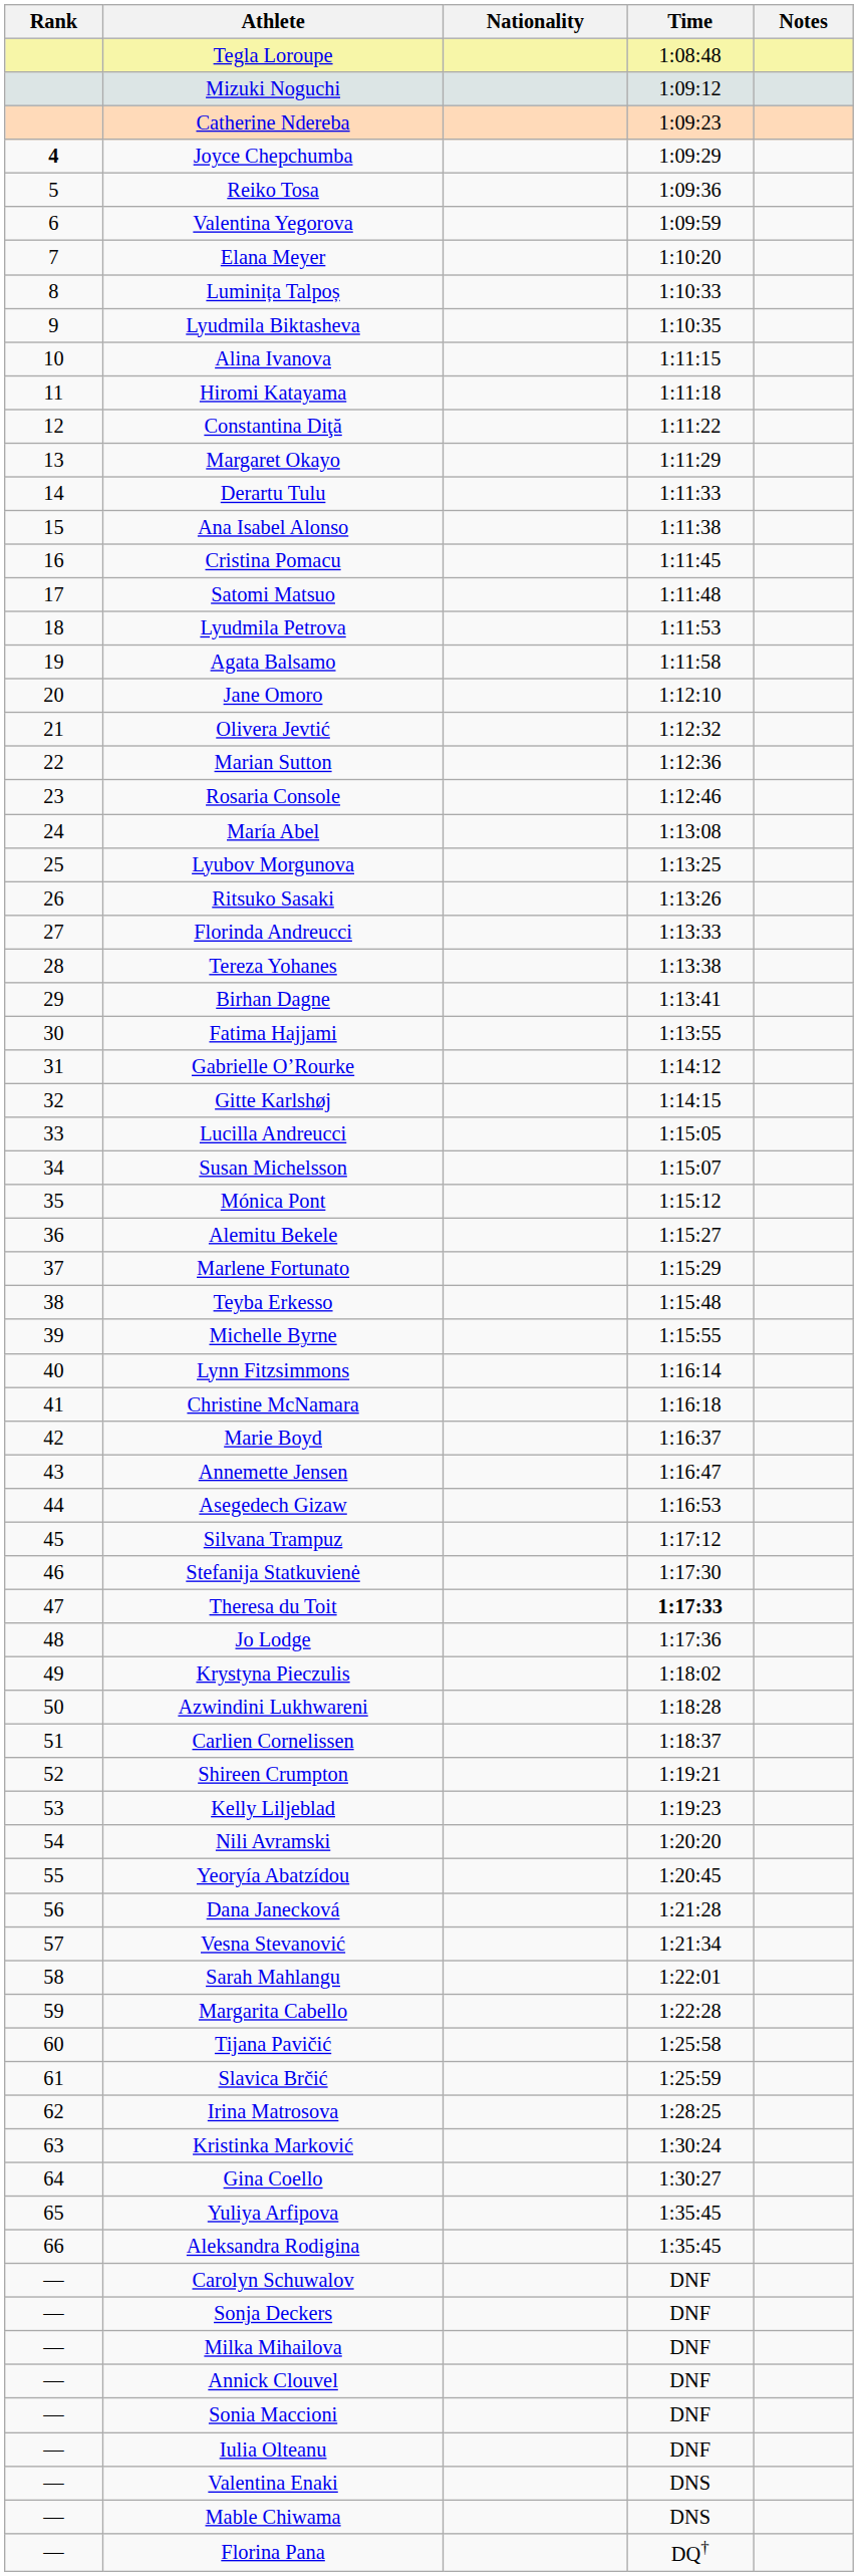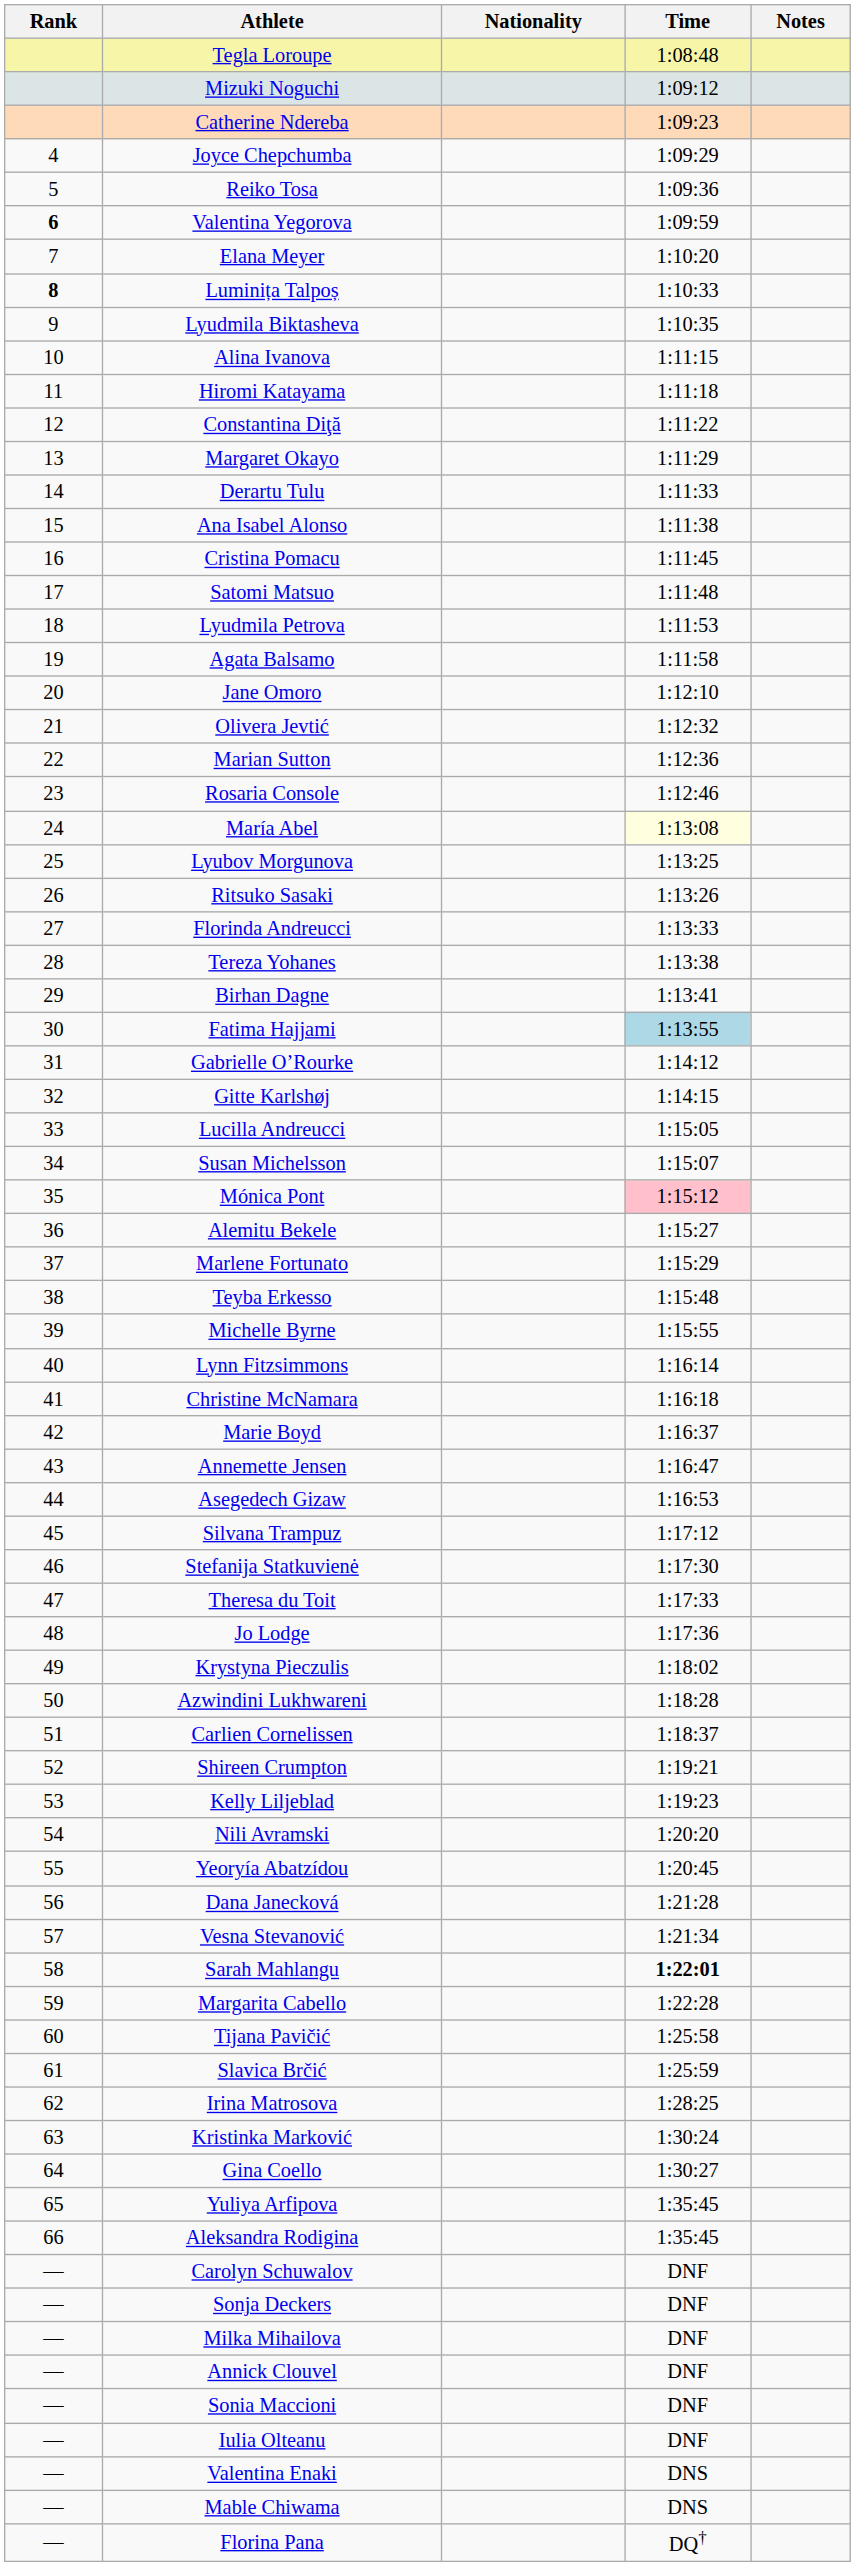 <table class="wikitable sortable" style=" text-align:center; font-size:95%;" width="50%">
 <tr>
 <th>Rank</th>
 <th>Athlete</th>
 <th>Nationality</th>
 <th>Time</th>
 <th>Notes</th>
 </tr>
 <tr bgcolor="#F7F6A8">
 <td align=center></td>
 <td><a href='#'>Tegla Loroupe</a></td>
 <td></td>
 <td>1:08:48</td>
 <td></td>
 </tr>
 <tr bgcolor="#DCE5E5">
 <td align=center></td>
 <td><a href='#'>Mizuki Noguchi</a></td>
 <td></td>
 <td>1:09:12</td>
 <td></td>
 </tr>
 <tr bgcolor="#FFDAB9">
 <td align=center></td>
 <td><a href='#'>Catherine Ndereba</a></td>
 <td></td>
 <td>1:09:23</td>
 <td></td>
 </tr>
 <tr>
-<td align=center><strong>4</strong></td>
+<td align=center>4</td>
 <td><a href='#'>Joyce Chepchumba</a></td>
 <td></td>
 <td>1:09:29</td>
 <td></td>
 </tr>
 <tr>
 <td align=center>5</td>
 <td><a href='#'>Reiko Tosa</a></td>
 <td></td>
 <td>1:09:36</td>
 <td></td>
 </tr>
 <tr>
-<td align=center>6</td>
+<td align=center><strong>6</strong></td>
 <td><a href='#'>Valentina Yegorova</a></td>
 <td></td>
 <td>1:09:59</td>
 <td></td>
 </tr>
 <tr>
 <td align=center>7</td>
 <td><a href='#'>Elana Meyer</a></td>
 <td></td>
 <td>1:10:20</td>
 <td></td>
 </tr>
 <tr>
-<td align=center>8</td>
+<td align=center><strong>8</strong></td>
 <td><a href='#'>Luminița Talpoș</a></td>
 <td></td>
 <td>1:10:33</td>
 <td></td>
 </tr>
 <tr>
 <td align=center>9</td>
 <td><a href='#'>Lyudmila Biktasheva</a></td>
 <td></td>
 <td>1:10:35</td>
 <td></td>
 </tr>
 <tr>
 <td align=center>10</td>
 <td><a href='#'>Alina Ivanova</a></td>
 <td></td>
 <td>1:11:15</td>
 <td></td>
 </tr>
 <tr>
 <td align=center>11</td>
 <td><a href='#'>Hiromi Katayama</a></td>
 <td></td>
 <td>1:11:18</td>
 <td></td>
 </tr>
 <tr>
 <td align=center>12</td>
 <td><a href='#'>Constantina Diţă</a></td>
 <td></td>
 <td>1:11:22</td>
 <td></td>
 </tr>
 <tr>
 <td align=center>13</td>
 <td><a href='#'>Margaret Okayo</a></td>
 <td></td>
 <td>1:11:29</td>
 <td></td>
 </tr>
 <tr>
 <td align=center>14</td>
 <td><a href='#'>Derartu Tulu</a></td>
 <td></td>
 <td>1:11:33</td>
 <td></td>
 </tr>
 <tr>
 <td align=center>15</td>
 <td><a href='#'>Ana Isabel Alonso</a></td>
 <td></td>
 <td>1:11:38</td>
 <td></td>
 </tr>
 <tr>
 <td align=center>16</td>
 <td><a href='#'>Cristina Pomacu</a></td>
 <td></td>
 <td>1:11:45</td>
 <td></td>
 </tr>
 <tr>
 <td align=center>17</td>
 <td><a href='#'>Satomi Matsuo</a></td>
 <td></td>
 <td>1:11:48</td>
 <td></td>
 </tr>
 <tr>
 <td align=center>18</td>
 <td><a href='#'>Lyudmila Petrova</a></td>
 <td></td>
 <td>1:11:53</td>
 <td></td>
 </tr>
 <tr>
 <td align=center>19</td>
 <td><a href='#'>Agata Balsamo</a></td>
 <td></td>
 <td>1:11:58</td>
 <td></td>
 </tr>
 <tr>
 <td align=center>20</td>
 <td><a href='#'>Jane Omoro</a></td>
 <td></td>
 <td>1:12:10</td>
 <td></td>
 </tr>
 <tr>
 <td align=center>21</td>
 <td><a href='#'>Olivera Jevtić</a></td>
 <td></td>
 <td>1:12:32</td>
 <td></td>
 </tr>
 <tr>
 <td align=center>22</td>
 <td><a href='#'>Marian Sutton</a></td>
 <td></td>
 <td>1:12:36</td>
 <td></td>
 </tr>
 <tr>
 <td align=center>23</td>
 <td><a href='#'>Rosaria Console</a></td>
 <td></td>
 <td>1:12:46</td>
 <td></td>
 </tr>
 <tr>
 <td align=center>24</td>
 <td><a href='#'>María Abel</a></td>
 <td></td>
-<td>1:13:08</td>
+<td style="background: lightyellow;">1:13:08</td>
 <td></td>
 </tr>
 <tr>
 <td align=center>25</td>
 <td><a href='#'>Lyubov Morgunova</a></td>
 <td></td>
 <td>1:13:25</td>
 <td></td>
 </tr>
 <tr>
 <td align=center>26</td>
 <td><a href='#'>Ritsuko Sasaki</a></td>
 <td></td>
 <td>1:13:26</td>
 <td></td>
 </tr>
 <tr>
 <td align=center>27</td>
 <td><a href='#'>Florinda Andreucci</a></td>
 <td></td>
 <td>1:13:33</td>
 <td></td>
 </tr>
 <tr>
 <td align=center>28</td>
 <td><a href='#'>Tereza Yohanes</a></td>
 <td></td>
 <td>1:13:38</td>
 <td></td>
 </tr>
 <tr>
 <td align=center>29</td>
 <td><a href='#'>Birhan Dagne</a></td>
 <td></td>
 <td>1:13:41</td>
 <td></td>
 </tr>
 <tr>
 <td align=center>30</td>
 <td><a href='#'>Fatima Hajjami</a></td>
 <td></td>
-<td>1:13:55</td>
+<td style="background: lightblue;">1:13:55</td>
 <td></td>
 </tr>
 <tr>
 <td align=center>31</td>
 <td><a href='#'>Gabrielle OʼRourke</a></td>
 <td></td>
 <td>1:14:12</td>
 <td></td>
 </tr>
 <tr>
 <td align=center>32</td>
 <td><a href='#'>Gitte Karlshøj</a></td>
 <td></td>
 <td>1:14:15</td>
 <td></td>
 </tr>
 <tr>
 <td align=center>33</td>
 <td><a href='#'>Lucilla Andreucci</a></td>
 <td></td>
 <td>1:15:05</td>
 <td></td>
 </tr>
 <tr>
 <td align=center>34</td>
 <td><a href='#'>Susan Michelsson</a></td>
 <td></td>
 <td>1:15:07</td>
 <td></td>
 </tr>
 <tr>
 <td align=center>35</td>
 <td><a href='#'>Mónica Pont</a></td>
 <td></td>
-<td>1:15:12</td>
+<td style="background: pink;">1:15:12</td>
 <td></td>
 </tr>
 <tr>
 <td align=center>36</td>
 <td><a href='#'>Alemitu Bekele</a></td>
 <td></td>
 <td>1:15:27</td>
 <td></td>
 </tr>
 <tr>
 <td align=center>37</td>
 <td><a href='#'>Marlene Fortunato</a></td>
 <td></td>
 <td>1:15:29</td>
 <td></td>
 </tr>
 <tr>
 <td align=center>38</td>
 <td><a href='#'>Teyba Erkesso</a></td>
 <td></td>
 <td>1:15:48</td>
 <td></td>
 </tr>
 <tr>
 <td align=center>39</td>
 <td><a href='#'>Michelle Byrne</a></td>
 <td></td>
 <td>1:15:55</td>
 <td></td>
 </tr>
 <tr>
 <td align=center>40</td>
 <td><a href='#'>Lynn Fitzsimmons</a></td>
 <td></td>
 <td>1:16:14</td>
 <td></td>
 </tr>
 <tr>
 <td align=center>41</td>
 <td><a href='#'>Christine McNamara</a></td>
 <td></td>
 <td>1:16:18</td>
 <td></td>
 </tr>
 <tr>
 <td align=center>42</td>
 <td><a href='#'>Marie Boyd</a></td>
 <td></td>
 <td>1:16:37</td>
 <td></td>
 </tr>
 <tr>
 <td align=center>43</td>
 <td><a href='#'>Annemette Jensen</a></td>
 <td></td>
 <td>1:16:47</td>
 <td></td>
 </tr>
 <tr>
 <td align=center>44</td>
 <td><a href='#'>Asegedech Gizaw</a></td>
 <td></td>
 <td>1:16:53</td>
 <td></td>
 </tr>
 <tr>
 <td align=center>45</td>
 <td><a href='#'>Silvana Trampuz</a></td>
 <td></td>
 <td>1:17:12</td>
 <td></td>
 </tr>
 <tr>
 <td align=center>46</td>
 <td><a href='#'>Stefanija Statkuvienė</a></td>
 <td></td>
 <td>1:17:30</td>
 <td></td>
 </tr>
 <tr>
 <td align=center>47</td>
 <td><a href='#'>Theresa du Toit</a></td>
 <td></td>
-<td><strong>1:17:33</strong></td>
+<td>1:17:33</td>
 <td></td>
 </tr>
 <tr>
 <td align=center>48</td>
 <td><a href='#'>Jo Lodge</a></td>
 <td></td>
 <td>1:17:36</td>
 <td></td>
 </tr>
 <tr>
 <td align=center>49</td>
 <td><a href='#'>Krystyna Pieczulis</a></td>
 <td></td>
 <td>1:18:02</td>
 <td></td>
 </tr>
 <tr>
 <td align=center>50</td>
 <td><a href='#'>Azwindini Lukhwareni</a></td>
 <td></td>
 <td>1:18:28</td>
 <td></td>
 </tr>
 <tr>
 <td align=center>51</td>
 <td><a href='#'>Carlien Cornelissen</a></td>
 <td></td>
 <td>1:18:37</td>
 <td></td>
 </tr>
 <tr>
 <td align=center>52</td>
 <td><a href='#'>Shireen Crumpton</a></td>
 <td></td>
 <td>1:19:21</td>
 <td></td>
 </tr>
 <tr>
 <td align=center>53</td>
 <td><a href='#'>Kelly Liljeblad</a></td>
 <td></td>
 <td>1:19:23</td>
 <td></td>
 </tr>
 <tr>
 <td align=center>54</td>
 <td><a href='#'>Nili Avramski</a></td>
 <td></td>
 <td>1:20:20</td>
 <td></td>
 </tr>
 <tr>
 <td align=center>55</td>
 <td><a href='#'>Yeoryía Abatzídou</a></td>
 <td></td>
 <td>1:20:45</td>
 <td></td>
 </tr>
 <tr>
 <td align=center>56</td>
 <td><a href='#'>Dana Janecková</a></td>
 <td></td>
 <td>1:21:28</td>
 <td></td>
 </tr>
 <tr>
 <td align=center>57</td>
 <td><a href='#'>Vesna Stevanović</a></td>
 <td></td>
 <td>1:21:34</td>
 <td></td>
 </tr>
 <tr>
 <td align=center>58</td>
 <td><a href='#'>Sarah Mahlangu</a></td>
 <td></td>
-<td>1:22:01</td>
+<td><strong>1:22:01</strong></td>
 <td></td>
 </tr>
 <tr>
 <td align=center>59</td>
 <td><a href='#'>Margarita Cabello</a></td>
 <td></td>
 <td>1:22:28</td>
 <td></td>
 </tr>
 <tr>
 <td align=center>60</td>
 <td><a href='#'>Tijana Pavičić</a></td>
 <td></td>
 <td>1:25:58</td>
 <td></td>
 </tr>
 <tr>
 <td align=center>61</td>
 <td><a href='#'>Slavica Brčić</a></td>
 <td></td>
 <td>1:25:59</td>
 <td></td>
 </tr>
 <tr>
 <td align=center>62</td>
 <td><a href='#'>Irina Matrosova</a></td>
 <td></td>
 <td>1:28:25</td>
 <td></td>
 </tr>
 <tr>
 <td align=center>63</td>
 <td><a href='#'>Kristinka Marković</a></td>
 <td></td>
 <td>1:30:24</td>
 <td></td>
 </tr>
 <tr>
 <td align=center>64</td>
 <td><a href='#'>Gina Coello</a></td>
 <td></td>
 <td>1:30:27</td>
 <td></td>
 </tr>
 <tr>
 <td align=center>65</td>
 <td><a href='#'>Yuliya Arfipova</a></td>
 <td></td>
 <td>1:35:45</td>
 <td></td>
 </tr>
 <tr>
 <td align=center>66</td>
 <td><a href='#'>Aleksandra Rodigina</a></td>
 <td></td>
 <td>1:35:45</td>
 <td></td>
 </tr>
 <tr>
 <td align=center>—</td>
 <td><a href='#'>Carolyn Schuwalov</a></td>
 <td></td>
 <td>DNF</td>
 <td></td>
 </tr>
 <tr>
 <td align=center>—</td>
 <td><a href='#'>Sonja Deckers</a></td>
 <td></td>
 <td>DNF</td>
 <td></td>
 </tr>
 <tr>
 <td align=center>—</td>
 <td><a href='#'>Milka Mihailova</a></td>
 <td></td>
 <td>DNF</td>
 <td></td>
 </tr>
 <tr>
 <td align=center>—</td>
 <td><a href='#'>Annick Clouvel</a></td>
 <td></td>
 <td>DNF</td>
 <td></td>
 </tr>
 <tr>
 <td align=center>—</td>
 <td><a href='#'>Sonia Maccioni</a></td>
 <td></td>
 <td>DNF</td>
 <td></td>
 </tr>
 <tr>
 <td align=center>—</td>
 <td><a href='#'>Iulia Olteanu</a></td>
 <td></td>
 <td>DNF</td>
 <td></td>
 </tr>
 <tr>
 <td align=center>—</td>
 <td><a href='#'>Valentina Enaki</a></td>
 <td></td>
 <td>DNS</td>
 <td></td>
 </tr>
 <tr>
 <td align=center>—</td>
 <td><a href='#'>Mable Chiwama</a></td>
 <td></td>
 <td>DNS</td>
 <td></td>
 </tr>
 <tr>
 <td align=center>—</td>
 <td><a href='#'>Florina Pana</a></td>
 <td></td>
 <td>DQ<sup>†</sup></td>
 <td></td>
 </tr>
 </table>
